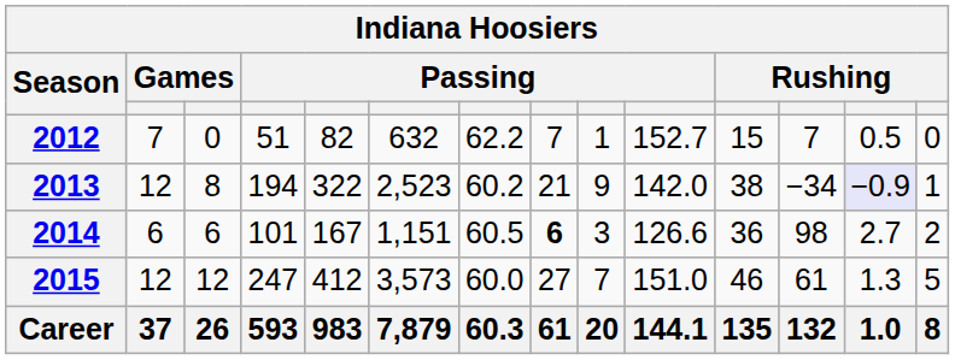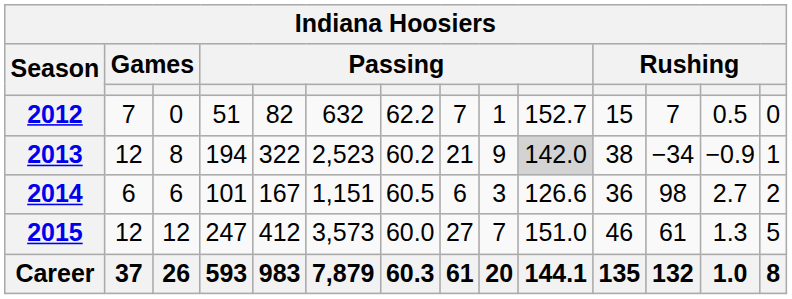 <table class="wikitable" style="text-align:center;">
 <tr>
 <th colspan="14">Indiana Hoosiers</th>
 </tr>
 <tr>
 <th rowspan="2">Season</th>
 <th colspan="2">Games</th>
 <th colspan="7">Passing</th>
 <th colspan="4">Rushing</th>
 </tr>
 <tr>
 <th></th>
 <th></th>
 <th></th>
 <th></th>
 <th></th>
 <th></th>
 <th></th>
 <th></th>
 <th></th>
 <th></th>
 <th></th>
 <th></th>
 <th></th>
 </tr>
 <tr>
 <th><a href='#'>2012</a></th>
 <td>7</td>
 <td>0</td>
 <td>51</td>
 <td>82</td>
 <td>632</td>
 <td>62.2</td>
 <td>7</td>
 <td>1</td>
 <td>152.7</td>
 <td>15</td>
 <td>7</td>
 <td>0.5</td>
 <td>0</td>
 </tr>
 <tr>
 <th><a href='#'>2013</a></th>
 <td>12</td>
 <td>8</td>
 <td>194</td>
 <td>322</td>
 <td>2,523</td>
 <td>60.2</td>
 <td>21</td>
 <td>9</td>
-<td>142.0</td>
+<td style="background: lightgrey;">142.0</td>
 <td>38</td>
 <td>−34</td>
-<td style="background: lavender;">−0.9</td>
+<td>−0.9</td>
 <td>1</td>
 </tr>
 <tr>
 <th><a href='#'>2014</a></th>
 <td>6</td>
 <td>6</td>
 <td>101</td>
 <td>167</td>
 <td>1,151</td>
 <td>60.5</td>
-<td><strong>6</strong></td>
+<td>6</td>
 <td>3</td>
 <td>126.6</td>
 <td>36</td>
 <td>98</td>
 <td>2.7</td>
 <td>2</td>
 </tr>
 <tr>
 <th><a href='#'>2015</a></th>
 <td>12</td>
 <td>12</td>
 <td>247</td>
 <td>412</td>
 <td>3,573</td>
 <td>60.0</td>
 <td>27</td>
 <td>7</td>
 <td>151.0</td>
 <td>46</td>
 <td>61</td>
 <td>1.3</td>
 <td>5</td>
 </tr>
 <tr>
 <th>Career</th>
 <th>37</th>
 <th>26</th>
 <th>593</th>
 <th>983</th>
 <th>7,879</th>
 <th>60.3</th>
 <th>61</th>
 <th>20</th>
 <th>144.1</th>
 <th>135</th>
 <th>132</th>
 <th>1.0</th>
 <th>8</th>
 </tr>
 </table>
